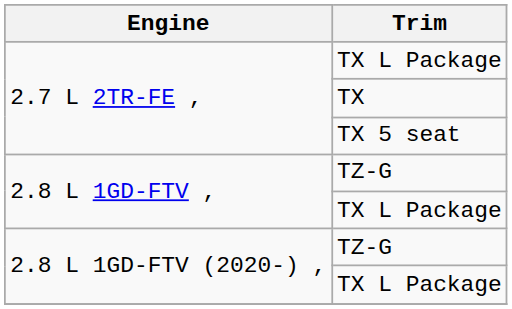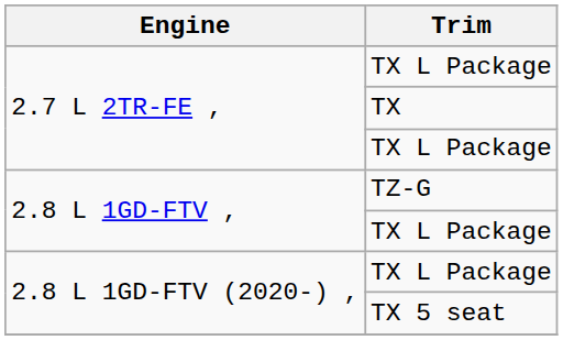 <table class="wikitable">
 <tr>
 <th>Engine</th>
 <th>Trim</th>
 </tr>
 <tr>
 <td rowspan=3>2.7 L <a href='#'>2TR-FE</a> , </td>
 <td>TX L Package</td>
 </tr>
 <tr>
 <td>TX</td>
 </tr>
 <tr>
-<td>TX 5 seat</td>
+<td>TX L Package</td>
 </tr>
 <tr>
 <td rowspan=2>2.8 L <a href='#'>1GD-FTV</a> , </td>
 <td>TZ-G</td>
 </tr>
 <tr>
 <td>TX L Package</td>
 </tr>
 <tr>
 <td rowspan=2>2.8 L 1GD-FTV (2020-) , </td>
-<td>TZ-G</td>
+<td>TX L Package</td>
 </tr>
 <tr>
-<td>TX L Package</td>
+<td>TX 5 seat</td>
 </tr>
 <tr>
 </tr>
 </table>
